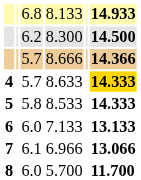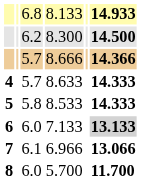 <table>
 <tr style="background:#fffcaf">
 <th scope=row></th>
 <td style="text-align:left"></td>
 <td>6.8</td>
 <td>8.133</td>
 <td></td>
 <td><strong>14.933</strong></td>
 </tr>
 <tr style="background:#e5e5e5">
 <th scope=row></th>
 <td style="text-align:left"></td>
 <td>6.2</td>
 <td>8.300</td>
 <td></td>
 <td><strong>14.500</strong></td>
 </tr>
 <tr style="background:#ec9">
 <th scope=row></th>
 <td style="text-align:left"></td>
 <td>5.7</td>
 <td>8.666</td>
 <td></td>
 <td><strong>14.366</strong></td>
 </tr>
 <tr>
 <th scope=row>4</th>
 <td style="text-align:left"></td>
 <td>5.7</td>
 <td>8.633</td>
 <td></td>
-<td style="background: gold;"><strong>14.333</strong></td>
+<td><strong>14.333</strong></td>
 </tr>
 <tr>
 <th scope=row>5</th>
 <td style="text-align:left"></td>
 <td>5.8</td>
 <td>8.533</td>
 <td></td>
 <td><strong>14.333</strong></td>
 </tr>
 <tr>
 <th scope=row>6</th>
 <td style="text-align:left"></td>
 <td>6.0</td>
 <td>7.133</td>
 <td></td>
-<td><strong>13.133</strong></td>
+<td style="background: lightgrey;"><strong>13.133</strong></td>
 </tr>
 <tr>
 <th scope=row>7</th>
 <td style="text-align:left"></td>
 <td>6.1</td>
 <td>6.966</td>
 <td></td>
 <td><strong>13.066</strong></td>
 </tr>
 <tr>
 <th scope=row>8</th>
 <td style="text-align:left"></td>
 <td>6.0</td>
 <td>5.700</td>
 <td></td>
 <td><strong>11.700</strong></td>
 </tr>
 </table>
